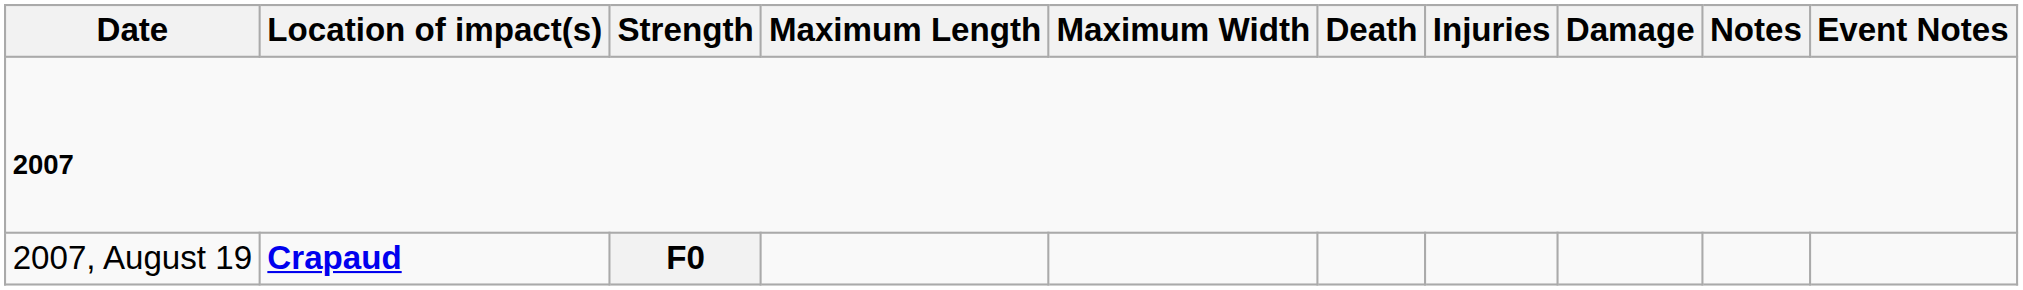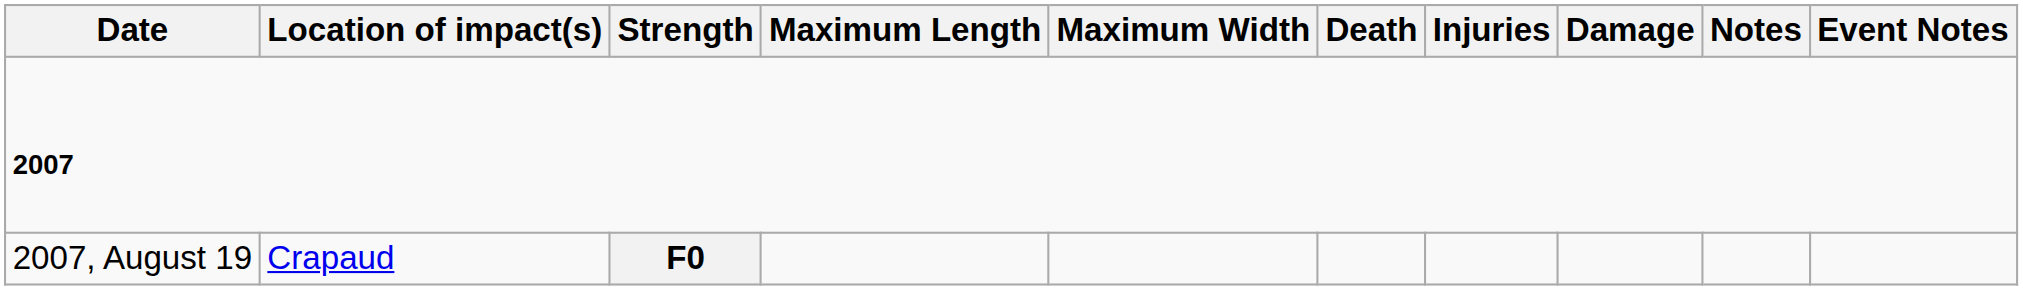 <table class="wikitable mw-collapsible">
 <tr>
 <th>Date</th>
 <th>Location of impact(s)</th>
 <th>Strength</th>
 <th>Maximum Length</th>
 <th>Maximum Width</th>
 <th>Death</th>
 <th>Injuries</th>
 <th>Damage</th>
 <th>Notes</th>
 <th>Event Notes</th>
 </tr>
 <tr>
 <td colspan="10"><br><h5>2007</h5></td>
 </tr>
 <tr>
 <td>2007, August 19</td>
-<td><strong><a href='#'>Crapaud</a></strong></td>
+<td><a href='#'>Crapaud</a></td>
 <th style="background-color:#">F0</th>
 <td></td>
 <td></td>
 <td></td>
 <td></td>
 <td></td>
 <td></td>
 <td></td>
 </tr>
 </table>
